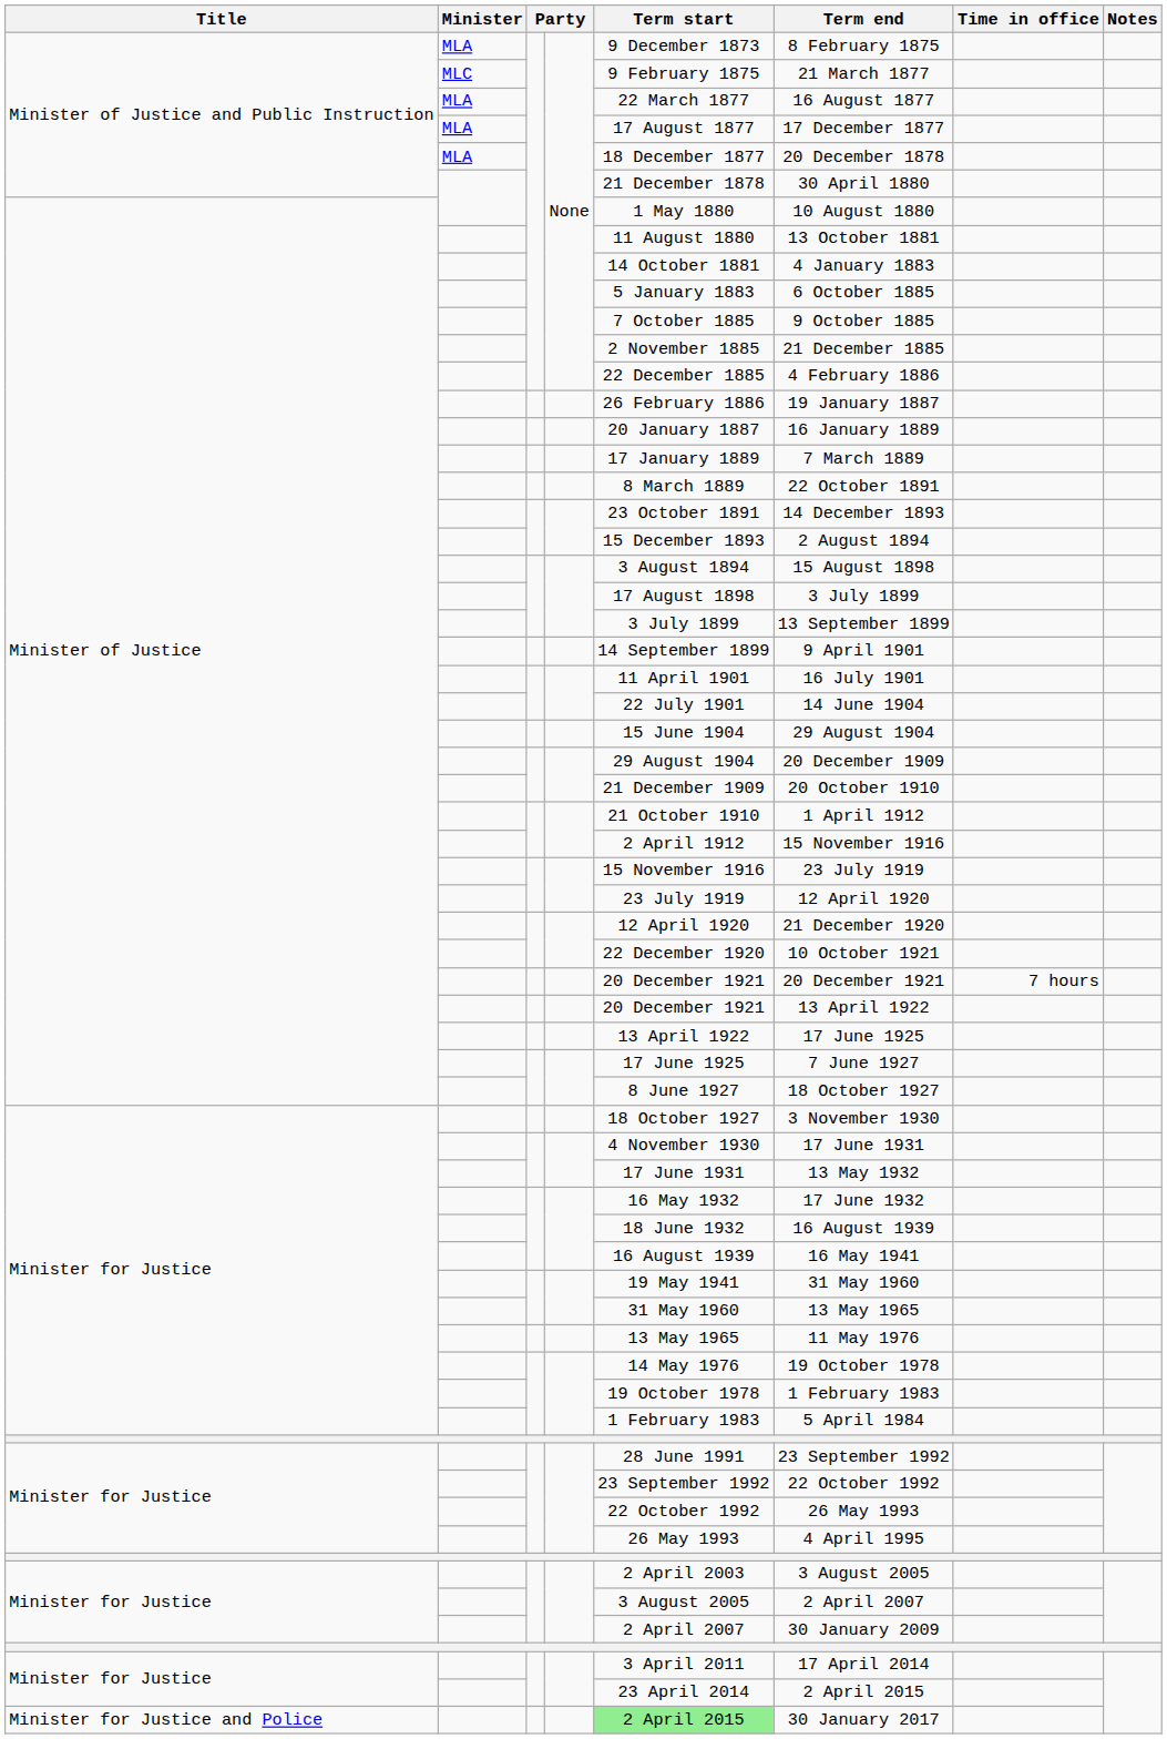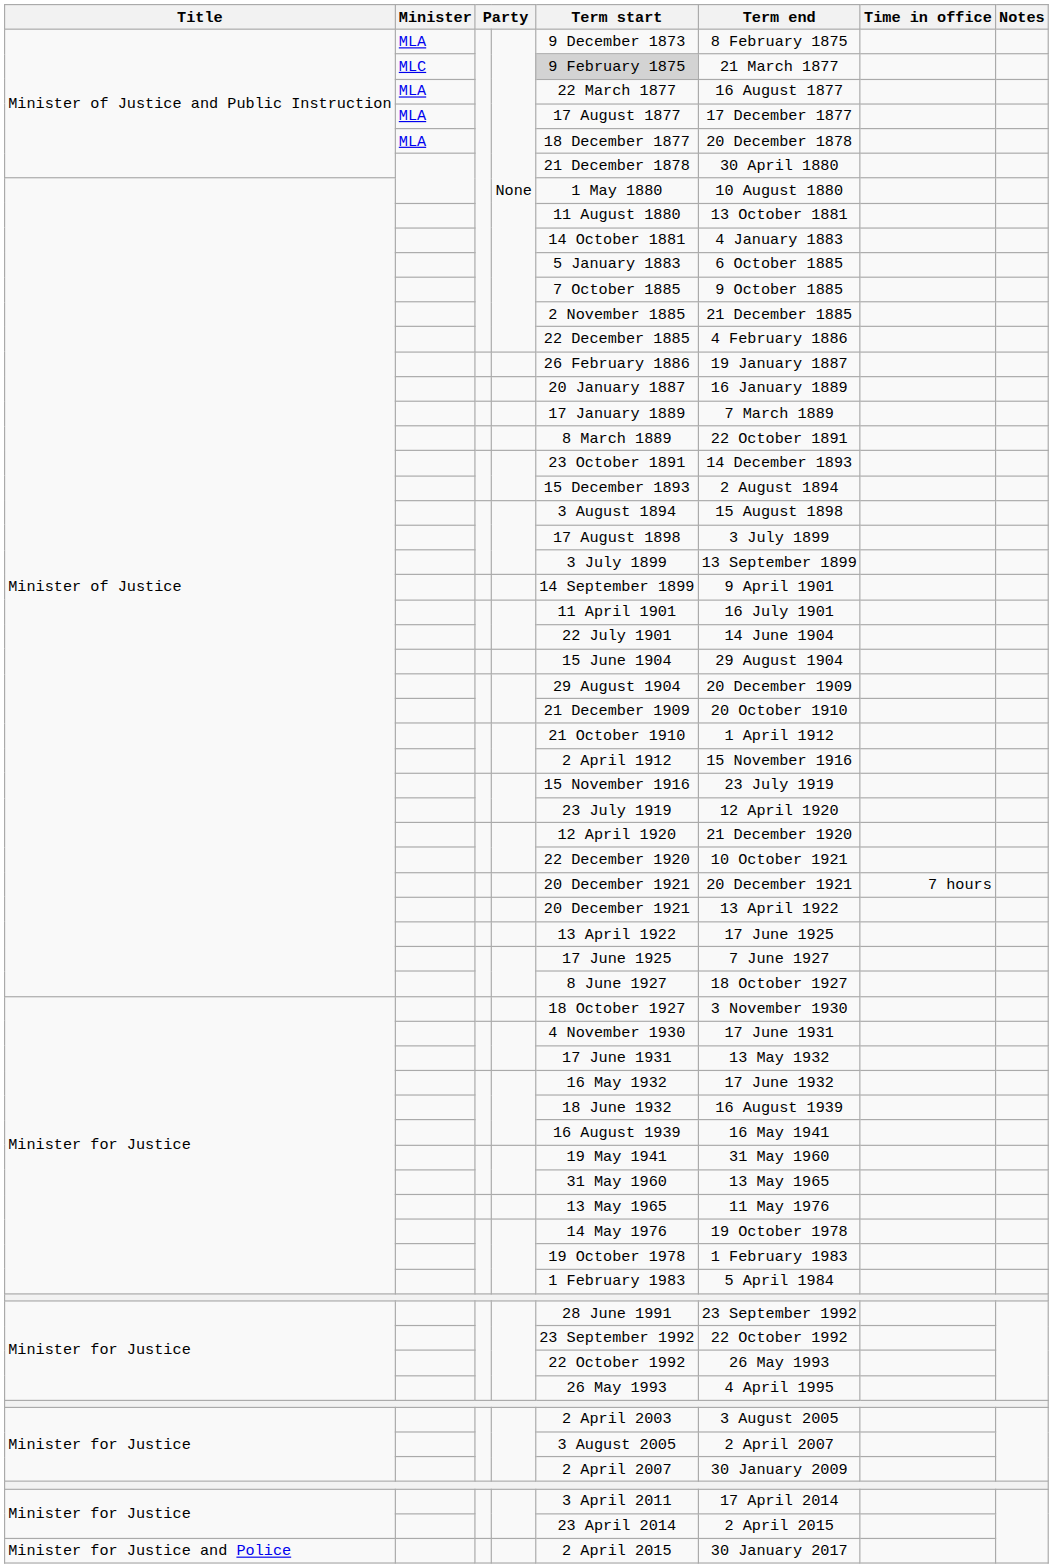 <table class="wikitable sortable">
 <tr>
 <th>Title</th>
 <th>Minister</th>
 <th colspan="2">Party</th>
 <th data-sort-type="date">Term start</th>
 <th data-sort-type=date>Term end</th>
 <th>Time in office</th>
 <th class="unsortable">Notes</th>
 </tr>
 <tr>
 <td rowspan="6">Minister of Justice and Public Instruction</td>
 <td> <a href='#'>MLA</a></td>
 <td rowspan="13"></td>
 <td rowspan="13">None</td>
 <td align="center">9 December 1873</td>
 <td align="center">8 February 1875</td>
 <td align="right"></td>
 <td></td>
 </tr>
 <tr>
 <td> <a href='#'>MLC</a></td>
-<td align="center">9 February 1875</td>
+<td align="center" style="background: lightgrey;">9 February 1875</td>
 <td align="center">21 March 1877</td>
 <td align="right"></td>
 <td></td>
 </tr>
 <tr>
 <td> <a href='#'>MLA</a></td>
 <td align="center">22 March 1877</td>
 <td align="center">16 August 1877</td>
 <td align="right"></td>
 <td></td>
 </tr>
 <tr>
 <td> <a href='#'>MLA</a></td>
 <td align="center">17 August 1877</td>
 <td align="center">17 December 1877</td>
 <td align="right"></td>
 <td></td>
 </tr>
 <tr>
 <td> <a href='#'>MLA</a></td>
 <td align="center">18 December 1877</td>
 <td align="center">20 December 1878</td>
 <td align="right"></td>
 <td></td>
 </tr>
 <tr>
 <td rowspan="2"></td>
 <td align="center">21 December 1878</td>
 <td align="center">30 April 1880</td>
 <td align="right"></td>
 <td></td>
 </tr>
 <tr>
 <td rowspan="33">Minister of Justice</td>
 <td align="center">1 May 1880</td>
 <td align="center">10 August 1880</td>
 <td align="right"></td>
 <td></td>
 </tr>
 <tr>
 <td></td>
 <td align="center">11 August 1880</td>
 <td align="center">13 October 1881</td>
 <td align="right"></td>
 <td></td>
 </tr>
 <tr>
 <td></td>
 <td align="center">14 October 1881</td>
 <td align="center">4 January 1883</td>
 <td align="right"></td>
 <td></td>
 </tr>
 <tr>
 <td></td>
 <td align="center">5 January 1883</td>
 <td align="center">6 October 1885</td>
 <td align="right"></td>
 <td></td>
 </tr>
 <tr>
 <td></td>
 <td align="center">7 October 1885</td>
 <td align="center">9 October 1885</td>
 <td align="right"></td>
 <td></td>
 </tr>
 <tr>
 <td></td>
 <td align="center">2 November 1885</td>
 <td align="center">21 December 1885</td>
 <td align="right"></td>
 <td></td>
 </tr>
 <tr>
 <td></td>
 <td align="center">22 December 1885</td>
 <td align="center">4 February 1886</td>
 <td align="right"></td>
 <td></td>
 </tr>
 <tr>
 <td></td>
 <td> </td>
 <td></td>
 <td align="center">26 February 1886</td>
 <td align="center">19 January 1887</td>
 <td align="right"></td>
 <td></td>
 </tr>
 <tr>
 <td></td>
 <td> </td>
 <td></td>
 <td align="center">20 January 1887</td>
 <td align="center">16 January 1889</td>
 <td align="right"></td>
 <td></td>
 </tr>
 <tr>
 <td></td>
 <td> </td>
 <td></td>
 <td align="center">17 January 1889</td>
 <td align="center">7 March 1889</td>
 <td align="right"></td>
 <td></td>
 </tr>
 <tr>
 <td></td>
 <td> </td>
 <td></td>
 <td align="center">8 March 1889</td>
 <td align="center">22 October 1891</td>
 <td align="right"></td>
 <td></td>
 </tr>
 <tr>
 <td></td>
 <td rowspan="2" > </td>
 <td rowspan="2"></td>
 <td align="center">23 October 1891</td>
 <td align="center">14 December 1893</td>
 <td align="right"></td>
 <td></td>
 </tr>
 <tr>
 <td></td>
 <td align="center">15 December 1893</td>
 <td align="center">2 August 1894</td>
 <td align="right"></td>
 <td></td>
 </tr>
 <tr>
 <td></td>
 <td rowspan="3" > </td>
 <td rowspan="3"></td>
 <td align="center">3 August 1894</td>
 <td align="center">15 August 1898</td>
 <td align="right"></td>
 <td></td>
 </tr>
 <tr>
 <td></td>
 <td align="center">17 August 1898</td>
 <td align="center">3 July 1899</td>
 <td align="right"></td>
 <td></td>
 </tr>
 <tr>
 <td></td>
 <td align="center">3 July 1899</td>
 <td align="center">13 September 1899</td>
 <td align="right"></td>
 <td></td>
 </tr>
 <tr>
 <td></td>
 <td> </td>
 <td></td>
 <td align="center">14 September 1899</td>
 <td align="center">9 April 1901</td>
 <td align="right"></td>
 <td></td>
 </tr>
 <tr>
 <td></td>
 <td rowspan="2" > </td>
 <td rowspan="2"></td>
 <td align="center">11 April 1901</td>
 <td align="center">16 July 1901</td>
 <td align="right"></td>
 <td></td>
 </tr>
 <tr>
 <td></td>
 <td align="center">22 July 1901</td>
 <td align="center">14 June 1904</td>
 <td align="right"></td>
 <td></td>
 </tr>
 <tr>
 <td></td>
 <td> </td>
 <td></td>
 <td align="center">15 June 1904</td>
 <td align="center">29 August 1904</td>
 <td align="right"></td>
 <td></td>
 </tr>
 <tr>
 <td></td>
 <td rowspan="2" > </td>
 <td rowspan="2"></td>
 <td align="center">29 August 1904</td>
 <td align="center">20 December 1909</td>
 <td align="right"></td>
 <td></td>
 </tr>
 <tr>
 <td></td>
 <td align="center">21 December 1909</td>
 <td align="center">20 October 1910</td>
 <td align="right"></td>
 <td></td>
 </tr>
 <tr>
 <td></td>
 <td rowspan="2" > </td>
 <td rowspan="2"></td>
 <td align="center">21 October 1910</td>
 <td align="center">1 April 1912</td>
 <td align="right"></td>
 <td></td>
 </tr>
 <tr>
 <td></td>
 <td align="center">2 April 1912</td>
 <td align="center">15 November 1916</td>
 <td align="right"></td>
 <td></td>
 </tr>
 <tr>
 <td></td>
 <td rowspan="2" > </td>
 <td rowspan="2"></td>
 <td align="center">15 November 1916</td>
 <td align="center">23 July 1919</td>
 <td align="right"></td>
 <td></td>
 </tr>
 <tr>
 <td></td>
 <td align="center">23 July 1919</td>
 <td align="center">12 April 1920</td>
 <td align="right"></td>
 <td></td>
 </tr>
 <tr>
 <td></td>
 <td rowspan="2" > </td>
 <td rowspan="2"></td>
 <td align="center">12 April 1920</td>
 <td align="center">21 December 1920</td>
 <td align="right"></td>
 <td></td>
 </tr>
 <tr>
 <td></td>
 <td align="center">22 December 1920</td>
 <td align="center">10 October 1921</td>
 <td align="right"></td>
 <td></td>
 </tr>
 <tr>
 <td></td>
 <td> </td>
 <td></td>
 <td align="center">20 December 1921</td>
 <td align="center">20 December 1921</td>
 <td align="right"> 7 hours</td>
 <td></td>
 </tr>
 <tr>
 <td></td>
 <td> </td>
 <td></td>
 <td align="center">20 December 1921</td>
 <td align="center">13 April 1922</td>
 <td align="right"></td>
 <td></td>
 </tr>
 <tr>
 <td></td>
 <td> </td>
 <td></td>
 <td align="center">13 April 1922</td>
 <td align="center">17 June 1925</td>
 <td align="right"></td>
 <td></td>
 </tr>
 <tr>
 <td></td>
 <td rowspan="2" > </td>
 <td rowspan="2"></td>
 <td align="center">17 June 1925</td>
 <td align="center">7 June 1927</td>
 <td align="right"></td>
 <td></td>
 </tr>
 <tr>
 <td></td>
 <td align="center">8 June 1927</td>
 <td align="center">18 October 1927</td>
 <td align="right"></td>
 <td></td>
 </tr>
 <tr>
 <td rowspan="12">Minister for Justice</td>
 <td></td>
 <td> </td>
 <td></td>
 <td align="center">18 October 1927</td>
 <td align="center">3 November 1930</td>
 <td align="right"></td>
 <td></td>
 </tr>
 <tr>
 <td></td>
 <td rowspan="2" > </td>
 <td rowspan="2"></td>
 <td align="center">4 November 1930</td>
 <td align="center">17 June 1931</td>
 <td align="right"></td>
 <td></td>
 </tr>
 <tr>
 <td></td>
 <td align="center">17 June 1931</td>
 <td align="center">13 May 1932</td>
 <td align="right"></td>
 <td></td>
 </tr>
 <tr>
 <td></td>
 <td rowspan="3" > </td>
 <td rowspan="3"></td>
 <td align="center">16 May 1932</td>
 <td align="center">17 June 1932</td>
 <td align="right"></td>
 <td></td>
 </tr>
 <tr>
 <td></td>
 <td align="center">18 June 1932</td>
 <td align="center">16 August 1939</td>
 <td align="right"></td>
 <td></td>
 </tr>
 <tr>
 <td></td>
 <td align="center">16 August 1939</td>
 <td align="center">16 May 1941</td>
 <td align="right"></td>
 <td></td>
 </tr>
 <tr>
 <td></td>
 <td rowspan="2" > </td>
 <td rowspan="2"></td>
 <td align="center">19 May 1941</td>
 <td align="center">31 May 1960</td>
 <td align="right"><strong></strong></td>
 <td></td>
 </tr>
 <tr>
 <td></td>
 <td align="center">31 May 1960</td>
 <td align="center">13 May 1965</td>
 <td align="right"></td>
 <td></td>
 </tr>
 <tr>
 <td></td>
 <td> </td>
 <td></td>
 <td align="center">13 May 1965</td>
 <td align="center">11 May 1976</td>
 <td align="right"></td>
 <td></td>
 </tr>
 <tr>
 <td></td>
 <td rowspan="3" > </td>
 <td rowspan="3"></td>
 <td align="center">14 May 1976</td>
 <td align="center">19 October 1978</td>
 <td align="right"></td>
 <td></td>
 </tr>
 <tr>
 <td></td>
 <td align="center">19 October 1978</td>
 <td align="center">1 February 1983</td>
 <td align="right"></td>
 <td></td>
 </tr>
 <tr>
 <td></td>
 <td align="center">1 February 1983</td>
 <td align="center">5 April 1984</td>
 <td align="right"></td>
 <td></td>
 </tr>
 <tr class="sortbottom">
 <th colspan="8"></th>
 </tr>
 <tr>
 <td rowspan="4">Minister for Justice</td>
 <td></td>
 <td rowspan="4" > </td>
 <td rowspan="4"></td>
 <td align="center">28 June 1991</td>
 <td align="center">23 September 1992</td>
 <td align="right"></td>
 <td rowspan="4" align="center"></td>
 </tr>
 <tr>
 <td></td>
 <td align="center">23 September 1992</td>
 <td align="center">22 October 1992</td>
 <td align="right"></td>
 </tr>
 <tr>
 <td></td>
 <td align="center">22 October 1992</td>
 <td align="center">26 May 1993</td>
 <td align="right"></td>
 </tr>
 <tr>
 <td></td>
 <td align="center">26 May 1993</td>
 <td align="center">4 April 1995</td>
 <td align="right"></td>
 </tr>
 <tr class="sortbottom">
 <th colspan="8"></th>
 </tr>
 <tr>
 <td rowspan="3">Minister for Justice</td>
 <td></td>
 <td rowspan="3" > </td>
 <td rowspan="3"></td>
 <td align="center">2 April 2003</td>
 <td align="center">3 August 2005</td>
 <td align="right"></td>
 <td rowspan="3" align="center"></td>
 </tr>
 <tr>
 <td></td>
 <td align="center">3 August 2005</td>
 <td align="center">2 April 2007</td>
 <td align="right"></td>
 </tr>
 <tr>
 <td></td>
 <td align="center">2 April 2007</td>
 <td align="center">30 January 2009</td>
 <td align="right"></td>
 </tr>
 <tr class="sortbottom">
 <th colspan="8"></th>
 </tr>
 <tr>
 <td rowspan="2">Minister for Justice</td>
 <td></td>
 <td rowspan="2" > </td>
 <td rowspan="2"></td>
 <td align="center">3 April 2011</td>
 <td align="center">17 April 2014</td>
 <td align="right"></td>
 <td rowspan="3" align="center"></td>
 </tr>
 <tr>
 <td></td>
 <td align="center">23 April 2014</td>
 <td align="center">2 April 2015</td>
 <td align="right"></td>
 </tr>
 <tr>
 <td>Minister for Justice and <a href='#'>Police</a></td>
 <td></td>
 <td> </td>
 <td></td>
-<td align="center" style="background: lightgreen;">2 April 2015</td>
+<td align="center">2 April 2015</td>
 <td align="center">30 January 2017</td>
 <td align="right"></td>
 </tr>
 </table>
